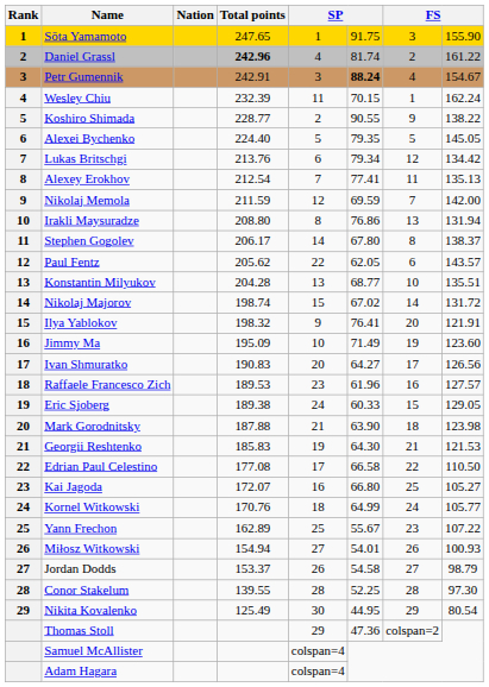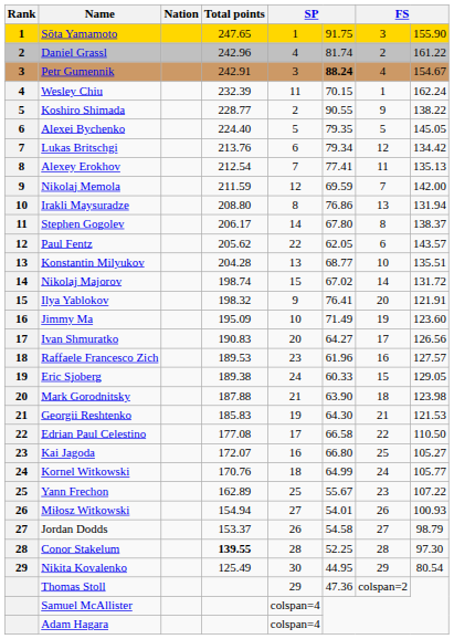 <table class="wikitable sortable">
 <tr>
 <th>Rank</th>
 <th>Name</th>
 <th>Nation</th>
 <th>Total points</th>
 <th colspan="2" width="80px"><a href='#'>SP</a></th>
 <th colspan="2" width="80px"><a href='#'>FS</a></th>
 </tr>
 <tr bgcolor="gold">
 <td align="center"><strong>1</strong></td>
 <td><a href='#'>Sōta Yamamoto</a></td>
 <td></td>
 <td align="center">247.65</td>
 <td align="center">1</td>
 <td align="center">91.75</td>
 <td align="center">3</td>
 <td align="center">155.90</td>
 </tr>
 <tr bgcolor="silver">
 <td align="center"><strong>2</strong></td>
 <td><a href='#'>Daniel Grassl</a></td>
 <td></td>
-<td align="center"><strong>242.96</strong></td>
+<td align="center">242.96</td>
 <td align="center">4</td>
 <td align="center">81.74</td>
 <td align="center">2</td>
 <td align="center">161.22</td>
 </tr>
 <tr bgcolor="cc9966">
 <td align="center"><strong>3</strong></td>
 <td><a href='#'>Petr Gumennik</a></td>
 <td></td>
 <td align="center">242.91</td>
 <td align="center">3</td>
 <td align="center"><strong>88.24</strong></td>
 <td align="center">4</td>
 <td align="center">154.67</td>
 </tr>
 <tr>
 <th>4</th>
 <td><a href='#'>Wesley Chiu</a></td>
 <td></td>
 <td align="center">232.39</td>
 <td align="center">11</td>
 <td align="center">70.15</td>
 <td align="center">1</td>
 <td align="center">162.24</td>
 </tr>
 <tr>
 <th>5</th>
 <td><a href='#'>Koshiro Shimada</a></td>
 <td></td>
 <td align="center">228.77</td>
 <td align="center">2</td>
 <td align="center">90.55</td>
 <td align="center">9</td>
 <td align="center">138.22</td>
 </tr>
 <tr>
 <th>6</th>
 <td><a href='#'>Alexei Bychenko</a></td>
 <td></td>
 <td align="center">224.40</td>
 <td align="center">5</td>
 <td align="center">79.35</td>
 <td align="center">5</td>
 <td align="center">145.05</td>
 </tr>
 <tr>
 <th>7</th>
 <td><a href='#'>Lukas Britschgi</a></td>
 <td></td>
 <td align="center">213.76</td>
 <td align="center">6</td>
 <td align="center">79.34</td>
 <td align="center">12</td>
 <td align="center">134.42</td>
 </tr>
 <tr>
 <th>8</th>
 <td><a href='#'>Alexey Erokhov</a></td>
 <td></td>
 <td align="center">212.54</td>
 <td align="center">7</td>
 <td align="center">77.41</td>
 <td align="center">11</td>
 <td align="center">135.13</td>
 </tr>
 <tr>
 <th>9</th>
 <td><a href='#'>Nikolaj Memola</a></td>
 <td></td>
 <td align="center">211.59</td>
 <td align="center">12</td>
 <td align="center">69.59</td>
 <td align="center">7</td>
 <td align="center">142.00</td>
 </tr>
 <tr>
 <th>10</th>
 <td><a href='#'>Irakli Maysuradze</a></td>
 <td></td>
 <td align="center">208.80</td>
 <td align="center">8</td>
 <td align="center">76.86</td>
 <td align="center">13</td>
 <td align="center">131.94</td>
 </tr>
 <tr>
 <th>11</th>
 <td><a href='#'>Stephen Gogolev</a></td>
 <td></td>
 <td align="center">206.17</td>
 <td align="center">14</td>
 <td align="center">67.80</td>
 <td align="center">8</td>
 <td align="center">138.37</td>
 </tr>
 <tr>
 <th>12</th>
 <td><a href='#'>Paul Fentz</a></td>
 <td></td>
 <td align="center">205.62</td>
 <td align="center">22</td>
 <td align="center">62.05</td>
 <td align="center">6</td>
 <td align="center">143.57</td>
 </tr>
 <tr>
 <th>13</th>
 <td><a href='#'>Konstantin Milyukov</a></td>
 <td></td>
 <td align="center">204.28</td>
 <td align="center">13</td>
 <td align="center">68.77</td>
 <td align="center">10</td>
 <td align="center">135.51</td>
 </tr>
 <tr>
 <th>14</th>
 <td><a href='#'>Nikolaj Majorov</a></td>
 <td></td>
 <td align="center">198.74</td>
 <td align="center">15</td>
 <td align="center">67.02</td>
 <td align="center">14</td>
 <td align="center">131.72</td>
 </tr>
 <tr>
 <th>15</th>
 <td><a href='#'>Ilya Yablokov</a></td>
 <td></td>
 <td align="center">198.32</td>
 <td align="center">9</td>
 <td align="center">76.41</td>
 <td align="center">20</td>
 <td align="center">121.91</td>
 </tr>
 <tr>
 <th>16</th>
 <td><a href='#'>Jimmy Ma</a></td>
 <td></td>
 <td align="center">195.09</td>
 <td align="center">10</td>
 <td align="center">71.49</td>
 <td align="center">19</td>
 <td align="center">123.60</td>
 </tr>
 <tr>
 <th>17</th>
 <td><a href='#'>Ivan Shmuratko</a></td>
 <td></td>
 <td align="center">190.83</td>
 <td align="center">20</td>
 <td align="center">64.27</td>
 <td align="center">17</td>
 <td align="center">126.56</td>
 </tr>
 <tr>
 <th>18</th>
 <td><a href='#'>Raffaele Francesco Zich</a></td>
 <td></td>
 <td align="center">189.53</td>
 <td align="center">23</td>
 <td align="center">61.96</td>
 <td align="center">16</td>
 <td align="center">127.57</td>
 </tr>
 <tr>
 <th>19</th>
 <td><a href='#'>Eric Sjoberg</a></td>
 <td></td>
 <td align="center">189.38</td>
 <td align="center">24</td>
 <td align="center">60.33</td>
 <td align="center">15</td>
 <td align="center">129.05</td>
 </tr>
 <tr>
 <th>20</th>
 <td><a href='#'>Mark Gorodnitsky</a></td>
 <td></td>
 <td align="center">187.88</td>
 <td align="center">21</td>
 <td align="center">63.90</td>
 <td align="center">18</td>
 <td align="center">123.98</td>
 </tr>
 <tr>
 <th>21</th>
 <td><a href='#'>Georgii Reshtenko</a></td>
 <td></td>
 <td align="center">185.83</td>
 <td align="center">19</td>
 <td align="center">64.30</td>
 <td align="center">21</td>
 <td align="center">121.53</td>
 </tr>
 <tr>
 <th>22</th>
 <td><a href='#'>Edrian Paul Celestino</a></td>
 <td></td>
 <td align="center">177.08</td>
 <td align="center">17</td>
 <td align="center">66.58</td>
 <td align="center">22</td>
 <td align="center">110.50</td>
 </tr>
 <tr>
 <th>23</th>
 <td><a href='#'>Kai Jagoda</a></td>
 <td></td>
 <td align="center">172.07</td>
 <td align="center">16</td>
 <td align="center">66.80</td>
 <td align="center">25</td>
 <td align="center">105.27</td>
 </tr>
 <tr>
 <th>24</th>
 <td><a href='#'>Kornel Witkowski</a></td>
 <td></td>
 <td align="center">170.76</td>
 <td align="center">18</td>
 <td align="center">64.99</td>
 <td align="center">24</td>
 <td align="center">105.77</td>
 </tr>
 <tr>
 <th>25</th>
 <td><a href='#'>Yann Frechon</a></td>
 <td></td>
 <td align="center">162.89</td>
 <td align="center">25</td>
 <td align="center">55.67</td>
 <td align="center">23</td>
 <td align="center">107.22</td>
 </tr>
 <tr>
 <th>26</th>
 <td><a href='#'>Miłosz Witkowski</a></td>
 <td></td>
 <td align="center">154.94</td>
 <td align="center">27</td>
 <td align="center">54.01</td>
 <td align="center">26</td>
 <td align="center">100.93</td>
 </tr>
 <tr>
 <th>27</th>
 <td>Jordan Dodds</td>
 <td></td>
 <td align="center">153.37</td>
 <td align="center">26</td>
 <td align="center">54.58</td>
 <td align="center">27</td>
 <td align="center">98.79</td>
 </tr>
 <tr>
 <th>28</th>
 <td><a href='#'>Conor Stakelum</a></td>
 <td></td>
-<td align="center">139.55</td>
+<td align="center"><strong>139.55</strong></td>
 <td align="center">28</td>
 <td align="center">52.25</td>
 <td align="center">28</td>
 <td align="center">97.30</td>
 </tr>
 <tr>
 <th>29</th>
 <td><a href='#'>Nikita Kovalenko</a></td>
 <td></td>
 <td align="center">125.49</td>
 <td align="center">30</td>
 <td align="center">44.95</td>
 <td align="center">29</td>
 <td align="center">80.54</td>
 </tr>
 <tr>
 <th></th>
 <td><a href='#'>Thomas Stoll</a></td>
 <td></td>
 <td></td>
 <td align="center">29</td>
 <td align="center">47.36</td>
 <td>colspan=2 </td>
 </tr>
 <tr>
 <th></th>
 <td><a href='#'>Samuel McAllister</a></td>
 <td></td>
 <td></td>
 <td>colspan=4 </td>
 </tr>
 <tr>
 <th></th>
 <td><a href='#'>Adam Hagara</a></td>
 <td></td>
 <td></td>
 <td>colspan=4 </td>
 </tr>
 </table>
